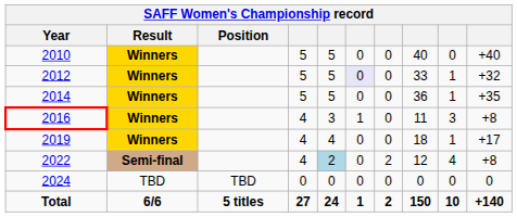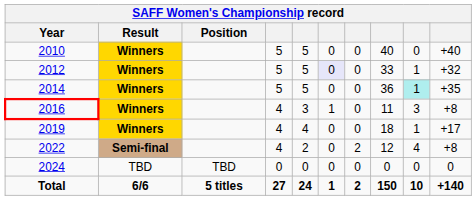 <table class="wikitable" style="text-align: center; width:50%;">
 <tr>
 <th colspan="10" #0000FF;><a href='#'>SAFF Women's Championship</a> record</th>
 </tr>
 <tr>
 <th style="width:90px;">Year</th>
 <th style="width:80px;">Result</th>
 <th style="width:80px;">Position</th>
 <th style="width:20px;"></th>
 <th style="width:20px;"></th>
 <th style="width:20px;"></th>
 <th style="width:20px;"></th>
 <th style="width:20px;"></th>
 <th style="width:20px;"></th>
 <th style="width:20px;"></th>
 </tr>
 <tr>
 <td> <a href='#'>2010</a></td>
 <td style="background:gold;"><strong>Winners</strong></td>
 <td></td>
 <td>5</td>
 <td>5</td>
 <td>0</td>
 <td>0</td>
 <td>40</td>
 <td>0</td>
 <td>+40</td>
 </tr>
 <tr>
 <td> <a href='#'>2012</a></td>
 <td style="background:gold;"><strong>Winners</strong></td>
 <td></td>
 <td>5</td>
 <td>5</td>
 <td style="background: lavender;">0</td>
 <td>0</td>
 <td>33</td>
 <td>1</td>
 <td>+32</td>
 </tr>
 <tr>
 <td> <a href='#'>2014</a></td>
 <td style="background:gold;"><strong>Winners</strong></td>
 <td></td>
 <td>5</td>
 <td>5</td>
 <td>0</td>
 <td>0</td>
 <td>36</td>
-<td>1</td>
+<td style="background: paleturquoise;">1</td>
 <td>+35</td>
 </tr>
 <tr>
 <td style="border: 3px solid red"> <a href='#'>2016</a></td>
 <td style="background:gold;"><strong>Winners</strong></td>
 <td></td>
 <td>4</td>
 <td>3</td>
 <td>1</td>
 <td>0</td>
 <td>11</td>
 <td>3</td>
 <td>+8</td>
 </tr>
 <tr>
 <td> <a href='#'>2019</a></td>
 <td style="background:gold;"><strong>Winners</strong></td>
 <td></td>
 <td>4</td>
 <td>4</td>
 <td>0</td>
 <td>0</td>
 <td>18</td>
 <td>1</td>
 <td>+17</td>
 </tr>
 <tr>
 <td> <a href='#'>2022</a></td>
 <td style="background:#cfaa88;"><strong>Semi-final</strong></td>
 <td></td>
 <td>4</td>
-<td style="background: lightblue;">2</td>
+<td>2</td>
 <td>0</td>
 <td>2</td>
 <td>12</td>
 <td>4</td>
 <td>+8</td>
 </tr>
 <tr>
 <td> <a href='#'>2024</a></td>
 <td>TBD</td>
 <td>TBD</td>
 <td>0</td>
 <td>0</td>
 <td>0</td>
 <td>0</td>
 <td>0</td>
 <td>0</td>
 <td>0</td>
 </tr>
 <tr>
 <td><strong>Total</strong></td>
 <td><strong>6/6</strong></td>
 <td><strong>5 titles</strong></td>
 <td><strong>27</strong></td>
 <td><strong>24</strong></td>
 <td><strong>1</strong></td>
 <td><strong>2</strong></td>
 <td><strong>150</strong></td>
 <td><strong>10</strong></td>
 <td><strong>+140</strong></td>
 </tr>
 </table>
